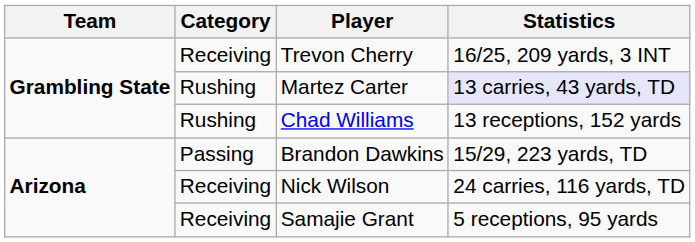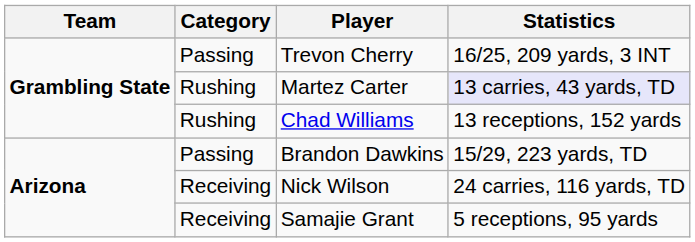 <table class="wikitable" style="float: right;">
 <tr>
 <th>Team</th>
 <th>Category</th>
 <th>Player</th>
 <th>Statistics</th>
 </tr>
 <tr>
 <td rowspan=3><strong>Grambling State</strong></td>
-<td>Receiving</td>
+<td>Passing</td>
 <td>Trevon Cherry</td>
 <td>16/25, 209 yards, 3 INT</td>
 </tr>
 <tr>
 <td>Rushing</td>
 <td>Martez Carter</td>
 <td style="background: lavender;">13 carries, 43 yards, TD</td>
 </tr>
 <tr>
 <td>Rushing</td>
 <td><a href='#'>Chad Williams</a></td>
 <td>13 receptions, 152 yards</td>
 </tr>
 <tr>
 <td rowspan=3><strong>Arizona</strong></td>
 <td>Passing</td>
 <td>Brandon Dawkins</td>
 <td>15/29, 223 yards, TD</td>
 </tr>
 <tr>
 <td>Receiving</td>
 <td>Nick Wilson</td>
 <td>24 carries, 116 yards, TD</td>
 </tr>
 <tr>
 <td>Receiving</td>
 <td>Samajie Grant</td>
 <td>5 receptions, 95 yards</td>
 </tr>
 </table>
